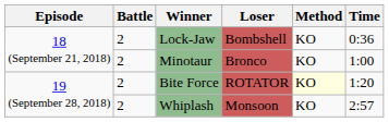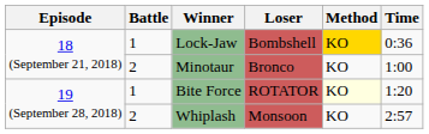 <table class="wikitable">
 <tr>
 <th>Episode</th>
 <th>Battle</th>
 <th>Winner</th>
 <th>Loser</th>
 <th>Method</th>
 <th>Time</th>
 </tr>
 <tr>
 <td style="text-align:center;" rowspan="2"><a href='#'>18</a><br><small>(September 21, 2018)</small></td>
-<td> 2</td>
+<td> 1</td>
 <td style="background:DarkSeaGreen;">Lock-Jaw</td>
 <td style="background:IndianRed;">Bombshell</td>
-<td>KO</td>
+<td style="background: gold;">KO</td>
 <td>0:36</td>
 </tr>
 <tr>
 <td>2</td>
 <td style="background:DarkSeaGreen;">Minotaur</td>
 <td style="background:IndianRed;">Bronco</td>
 <td>KO</td>
 <td>1:00</td>
 </tr>
 <tr>
 <td style="text-align:center;" rowspan="2"><a href='#'>19</a><br><small>(September 28, 2018)</small></td>
-<td>2</td>
+<td>1</td>
 <td style="background:DarkSeaGreen;">Bite Force</td>
 <td style="background:IndianRed;">ROTATOR</td>
 <td style="background: lightyellow;">KO</td>
 <td>1:20</td>
 </tr>
 <tr>
 <td>2</td>
 <td style="background:DarkSeaGreen;">Whiplash</td>
 <td style="background:IndianRed;">Monsoon</td>
 <td>KO</td>
 <td>2:57</td>
 </tr>
 </table>
